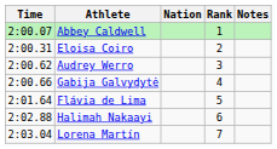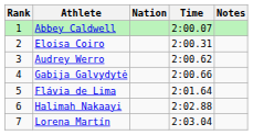 <table class="wikitable sortable" style="text-align:center;">
 <tr>
-<th>Time</th>
+<th>Rank</th>
 <th>Athlete</th>
 <th>Nation</th>
-<th>Rank</th>
+<th>Time</th>
 <th>Notes</th>
 </tr>
 <tr bgcolor=bbf3bb>
-<td>2:00.07</td>
+<td>1</td>
 <td align=left><a href='#'>Abbey Caldwell</a></td>
 <td align=left></td>
-<td>1</td>
+<td>2:00.07</td>
 <td></td>
 </tr>
 <tr>
-<td>2:00.31</td>
+<td>2</td>
 <td align=left><a href='#'>Eloisa Coiro</a></td>
 <td align=left></td>
-<td>2</td>
+<td>2:00.31</td>
 <td></td>
 </tr>
 <tr>
-<td>2:00.62</td>
+<td>3</td>
 <td align=left><a href='#'>Audrey Werro</a></td>
 <td align=left></td>
-<td>3</td>
+<td>2:00.62</td>
 <td></td>
 </tr>
 <tr>
-<td>2:00.66</td>
+<td>4</td>
 <td align=left><a href='#'>Gabija Galvydytė</a></td>
 <td align=left></td>
-<td>4</td>
+<td>2:00.66</td>
 <td></td>
 </tr>
 <tr>
-<td>2:01.64</td>
+<td>5</td>
 <td align=left><a href='#'>Flávia de Lima</a></td>
 <td align=left></td>
-<td>5</td>
+<td>2:01.64</td>
 <td></td>
 </tr>
 <tr>
-<td>2:02.88</td>
+<td>6</td>
 <td align=left><a href='#'>Halimah Nakaayi</a></td>
 <td align=left></td>
-<td>6</td>
+<td>2:02.88</td>
 <td></td>
 </tr>
 <tr>
-<td>2:03.04</td>
+<td>7</td>
 <td align=left><a href='#'>Lorena Martín</a></td>
 <td align=left></td>
-<td>7</td>
+<td>2:03.04</td>
 <td></td>
 </tr>
 </table>
